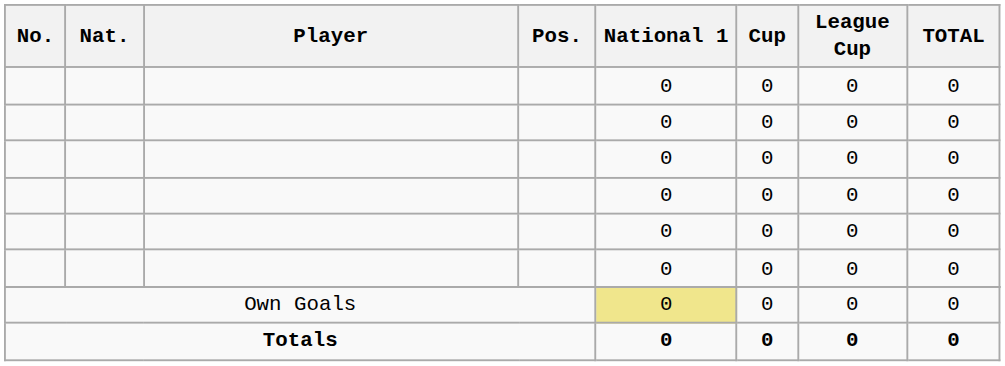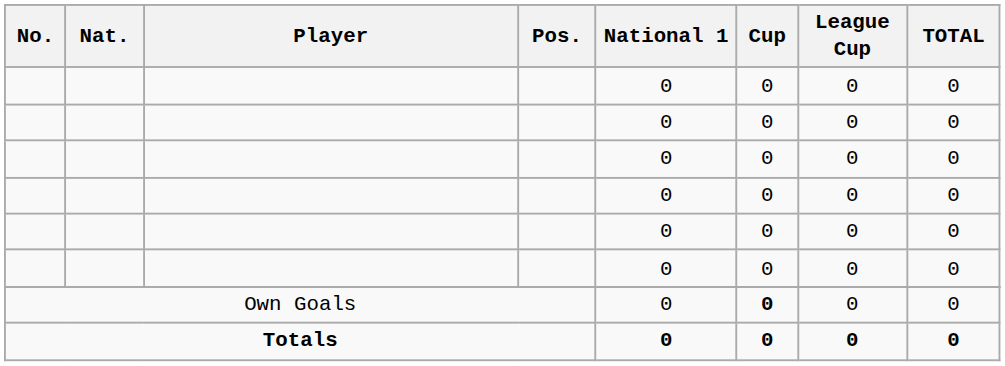 <table class="wikitable sortable alternance"  style="font-size:85%; text-align:center; line-height:14px; width:60%;">
 <tr>
 <th width=10>No.</th>
 <th width=10>Nat.</th>
 <th width=150>Player</th>
 <th width=10>Pos.</th>
 <th width=10>National 1</th>
 <th width=10>Cup</th>
 <th width=10>League Cup</th>
 <th width=10>TOTAL</th>
 </tr>
 <tr>
 <td></td>
 <td></td>
 <td></td>
 <td></td>
 <td>0</td>
 <td>0</td>
 <td>0</td>
 <td>0</td>
 </tr>
 <tr>
 <td></td>
 <td></td>
 <td></td>
 <td></td>
 <td>0</td>
 <td>0</td>
 <td>0</td>
 <td>0</td>
 </tr>
 <tr>
 <td></td>
 <td></td>
 <td></td>
 <td></td>
 <td>0</td>
 <td>0</td>
 <td>0</td>
 <td>0</td>
 </tr>
 <tr>
 <td></td>
 <td></td>
 <td></td>
 <td></td>
 <td>0</td>
 <td>0</td>
 <td>0</td>
 <td>0</td>
 </tr>
 <tr>
 <td></td>
 <td></td>
 <td></td>
 <td></td>
 <td>0</td>
 <td>0</td>
 <td>0</td>
 <td>0</td>
 </tr>
 <tr>
 <td></td>
 <td></td>
 <td></td>
 <td></td>
 <td>0</td>
 <td>0</td>
 <td>0</td>
 <td>0</td>
 </tr>
 <tr>
 </tr>
 <tr class="sortbottom">
 <td colspan="4">Own Goals</td>
-<td style="background: khaki;">0</td>
 <td>0</td>
+<td><strong>0</strong></td>
 <td>0</td>
 <td>0</td>
 </tr>
 <tr class="sortbottom">
 <td colspan="4"><strong>Totals</strong></td>
 <td><strong>0</strong></td>
 <td><strong>0</strong></td>
 <td><strong>0</strong></td>
 <td><strong>0</strong></td>
 </tr>
 </table>
